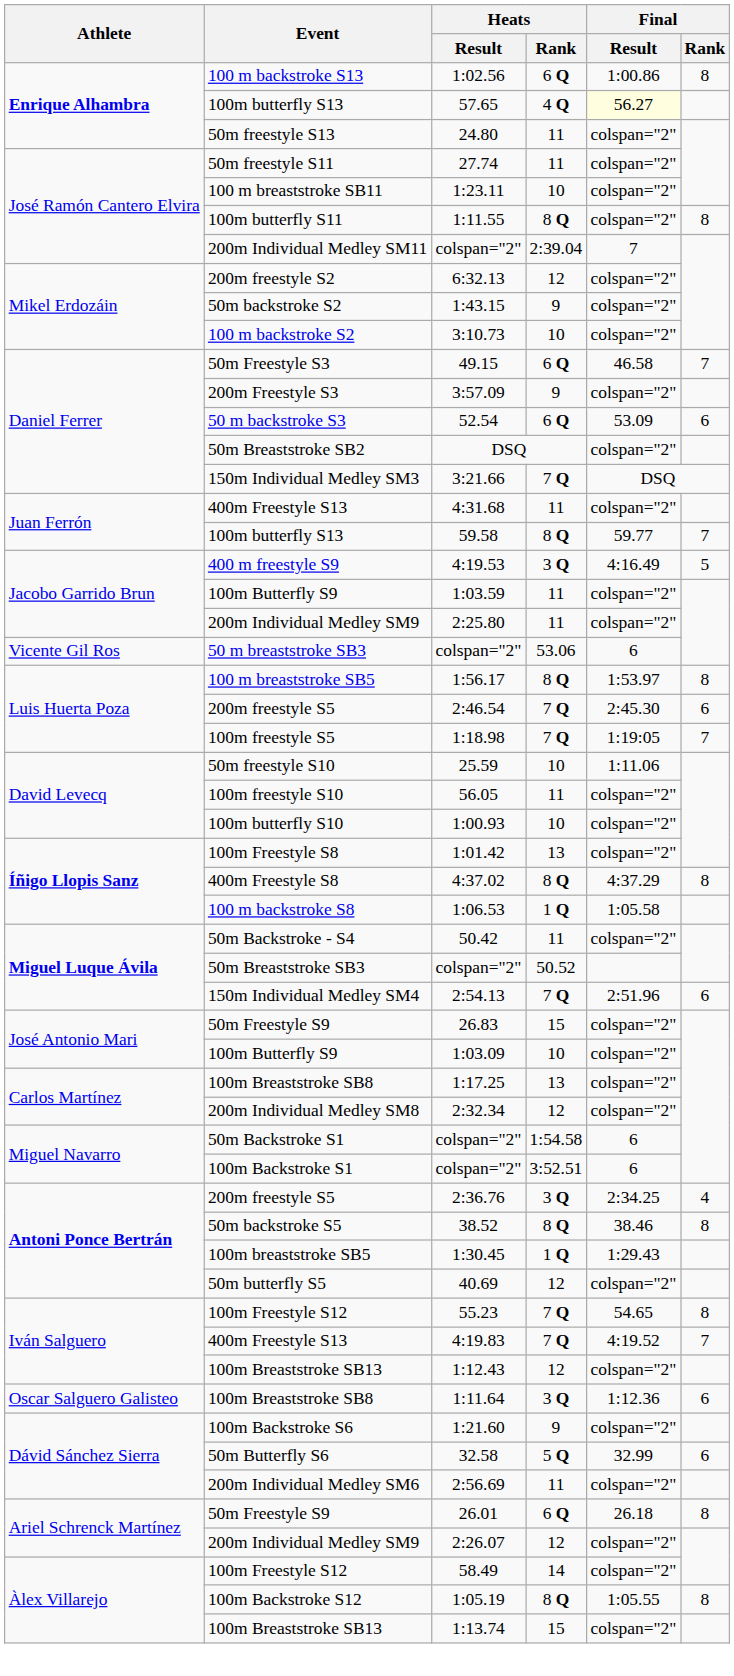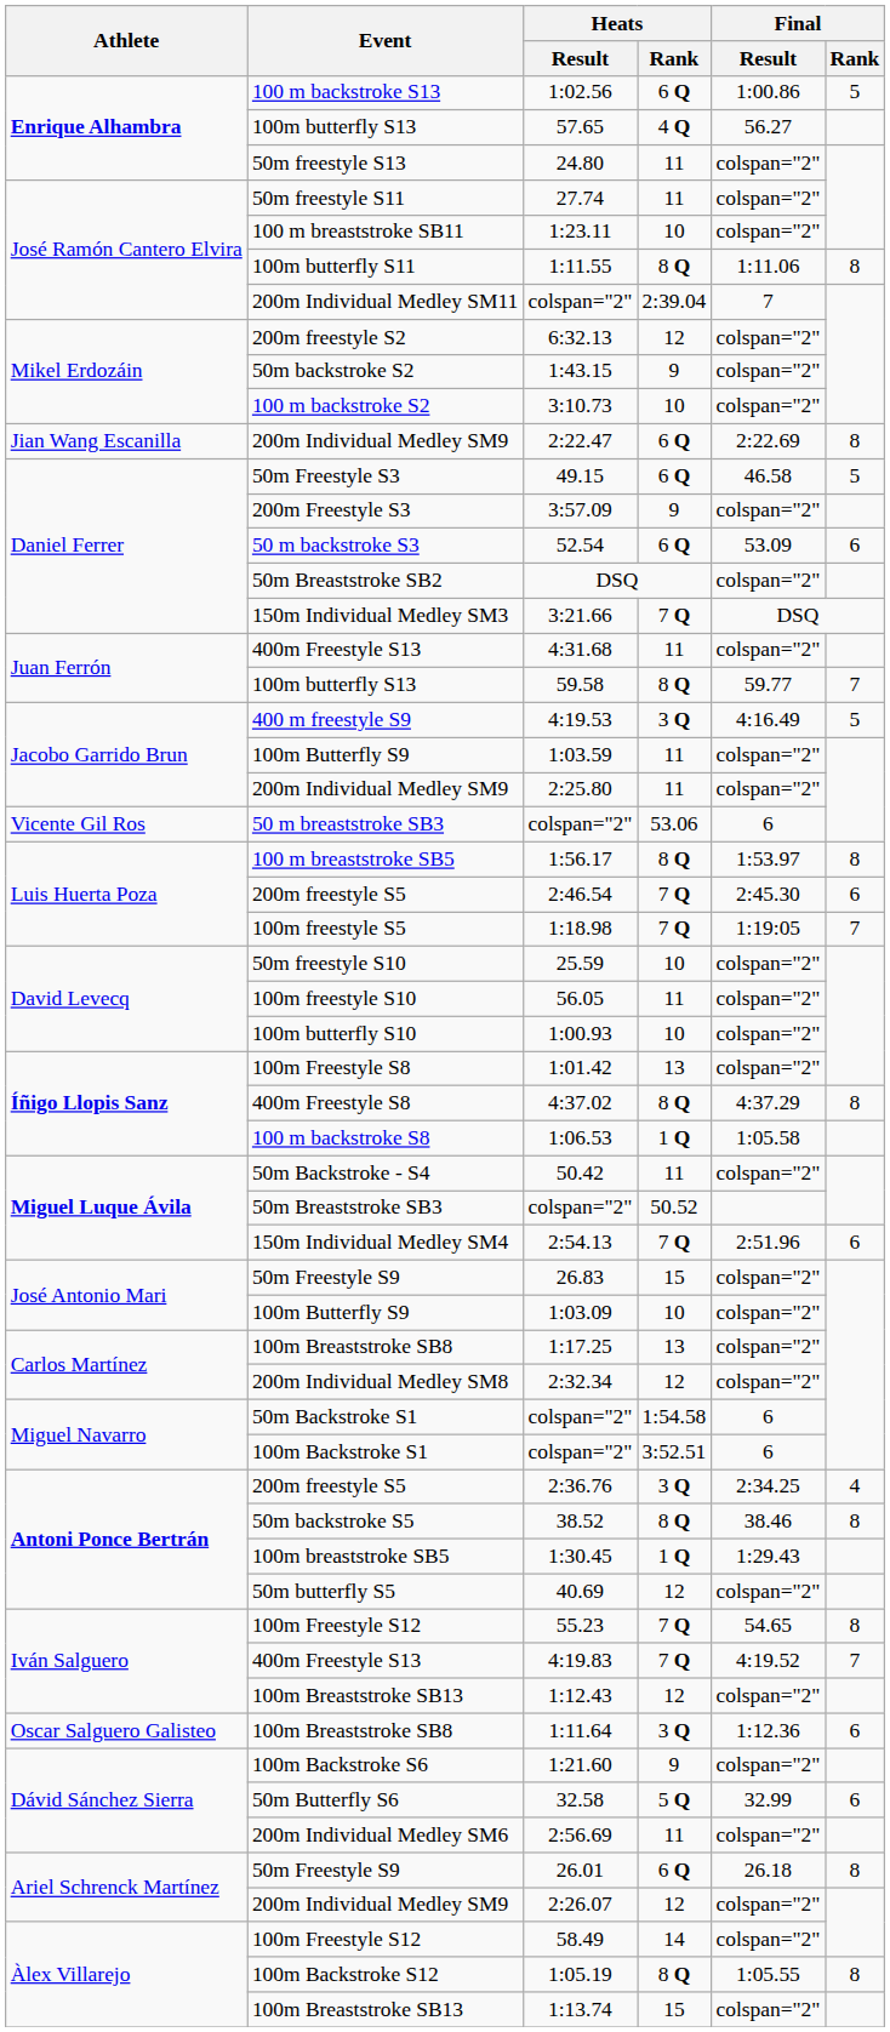 <table class=wikitable style="font-size:90%">
 <tr>
 <th rowspan="2">Athlete</th>
 <th rowspan="2">Event</th>
 <th colspan="2">Heats</th>
 <th colspan="2">Final</th>
 </tr>
 <tr>
 <th>Result</th>
 <th>Rank</th>
 <th>Result</th>
 <th>Rank</th>
 </tr>
 <tr align=center>
 <td rowspan="3" align="left"><strong><a href='#'>Enrique Alhambra</a></strong></td>
 <td align=left><a href='#'>100 m backstroke S13</a></td>
 <td>1:02.56</td>
 <td>6 <strong>Q</strong></td>
 <td>1:00.86</td>
-<td>8</td>
+<td>5</td>
 </tr>
 <tr align="center">
 <td align="left">100m butterfly S13</td>
 <td>57.65</td>
 <td>4 <strong>Q</strong></td>
-<td style="background: lightyellow;">56.27</td>
+<td>56.27</td>
 <td></td>
 </tr>
 <tr align="center">
 <td align="left">50m freestyle S13</td>
 <td>24.80</td>
 <td>11</td>
 <td>colspan="2" </td>
 </tr>
 <tr align="center">
 <td rowspan="4" align="left"><a href='#'>José Ramón Cantero Elvira</a></td>
 <td align="left">50m freestyle S11</td>
 <td>27.74</td>
 <td>11</td>
 <td>colspan="2" </td>
 </tr>
 <tr align="center">
 <td align="left">100 m breaststroke SB11</td>
 <td>1:23.11</td>
 <td>10</td>
 <td>colspan="2" </td>
 </tr>
 <tr align="center">
 <td align="left">100m butterfly S11</td>
 <td>1:11.55</td>
 <td>8 <strong>Q</strong></td>
-<td>colspan="2" </td>
+<td>1:11.06</td>
 <td>8</td>
 </tr>
 <tr align="center">
 <td align="left">200m Individual Medley SM11</td>
 <td>colspan="2" </td>
 <td>2:39.04</td>
 <td>7</td>
 </tr>
 <tr align="center">
 <td rowspan="3" align="left"><a href='#'>Mikel Erdozáin</a></td>
 <td align="left">200m freestyle S2</td>
 <td>6:32.13</td>
 <td>12</td>
 <td>colspan="2" </td>
 </tr>
 <tr align="center">
 <td align="left">50m backstroke S2</td>
 <td>1:43.15</td>
 <td>9</td>
 <td>colspan="2" </td>
 </tr>
 <tr align="center">
 <td align="left"><a href='#'>100 m backstroke S2</a></td>
 <td>3:10.73</td>
 <td>10</td>
 <td>colspan="2" </td>
 </tr>
 <tr align="center">
+<td align="left"><a href='#'>Jian Wang Escanilla</a></td>
+<td align="left">200m Individual Medley SM9</td>
+<td>2:22.47</td>
+<td>6 <strong>Q</strong></td>
+<td>2:22.69</td>
+<td>8</td>
+</tr>
+<tr align="center">
 <td rowspan="5" align="left"><a href='#'>Daniel Ferrer</a></td>
 <td align="left">50m Freestyle S3</td>
 <td>49.15</td>
 <td>6 <strong>Q</strong></td>
 <td>46.58</td>
-<td>7</td>
+<td>5</td>
 </tr>
 <tr align="center">
 <td align="left">200m Freestyle S3</td>
 <td>3:57.09</td>
 <td>9</td>
 <td>colspan="2" </td>
 </tr>
 <tr align="center">
 <td align="left"><a href='#'>50 m backstroke S3</a></td>
 <td>52.54</td>
 <td>6 <strong>Q</strong></td>
 <td>53.09</td>
 <td>6</td>
 </tr>
 <tr align="center">
 <td align="left">50m Breaststroke SB2</td>
 <td colspan="2">DSQ</td>
 <td>colspan="2" </td>
 </tr>
 <tr align="center">
 <td align="left">150m Individual Medley SM3</td>
 <td>3:21.66</td>
 <td>7 <strong>Q</strong></td>
 <td colspan="2">DSQ</td>
 </tr>
 <tr align="center">
 <td rowspan="2" align="left"><a href='#'>Juan Ferrón</a></td>
 <td align="left">400m Freestyle S13</td>
 <td>4:31.68</td>
 <td>11</td>
 <td>colspan="2" </td>
 </tr>
 <tr align="center">
 <td align="left">100m butterfly S13</td>
 <td>59.58</td>
 <td>8 <strong>Q</strong></td>
 <td>59.77</td>
 <td>7</td>
 </tr>
 <tr align="center">
 <td rowspan="3" align="left"><a href='#'>Jacobo Garrido Brun</a></td>
 <td align="left"><a href='#'>400 m freestyle S9</a></td>
 <td>4:19.53</td>
 <td>3 <strong>Q</strong></td>
 <td>4:16.49</td>
 <td>5</td>
 </tr>
 <tr align="center">
 <td align="left">100m Butterfly S9</td>
 <td>1:03.59</td>
 <td>11</td>
 <td>colspan="2" </td>
 </tr>
 <tr align="center">
 <td align="left">200m Individual Medley SM9</td>
 <td>2:25.80</td>
 <td>11</td>
 <td>colspan="2" </td>
 </tr>
 <tr align=center>
 <td align=left><a href='#'>Vicente Gil Ros</a></td>
 <td align=left><a href='#'>50 m breaststroke SB3</a></td>
 <td>colspan="2" </td>
 <td>53.06</td>
 <td>6</td>
 </tr>
 <tr align=center>
 <td rowspan="3" align="left"><a href='#'>Luis Huerta Poza</a></td>
 <td align="left"><a href='#'>100 m breaststroke SB5</a></td>
 <td>1:56.17</td>
 <td>8 <strong>Q</strong></td>
 <td>1:53.97</td>
 <td>8</td>
 </tr>
 <tr align="center">
 <td align="left">200m freestyle S5</td>
 <td>2:46.54</td>
 <td>7 <strong>Q</strong></td>
 <td>2:45.30</td>
 <td>6</td>
 </tr>
 <tr align="center">
 <td align="left">100m freestyle S5</td>
 <td>1:18.98</td>
 <td>7 <strong>Q</strong></td>
 <td>1:19:05</td>
 <td>7</td>
 </tr>
 <tr align="center">
 <td rowspan="3" align="left"><a href='#'>David Levecq</a></td>
 <td align="left">50m freestyle S10</td>
 <td>25.59</td>
 <td>10</td>
-<td>1:11.06</td>
+<td>colspan="2" </td>
 </tr>
 <tr align="center">
 <td align="left">100m freestyle S10</td>
 <td>56.05</td>
 <td>11</td>
 <td>colspan="2" </td>
 </tr>
 <tr align="center">
 <td align="left">100m butterfly S10</td>
 <td>1:00.93</td>
 <td>10</td>
 <td>colspan="2" </td>
 </tr>
 <tr align="center">
 <td rowspan="3" align="left"><strong><a href='#'>Íñigo Llopis Sanz</a></strong></td>
 <td align="left">100m Freestyle S8</td>
 <td>1:01.42</td>
 <td>13</td>
 <td>colspan="2" </td>
 </tr>
 <tr align="center">
 <td align="left">400m Freestyle S8</td>
 <td>4:37.02</td>
 <td>8 <strong>Q</strong></td>
 <td>4:37.29</td>
 <td>8</td>
 </tr>
 <tr align="center">
 <td align="left"><a href='#'>100 m backstroke S8</a></td>
 <td>1:06.53</td>
 <td>1 <strong>Q</strong></td>
 <td>1:05.58</td>
 <td></td>
 </tr>
 <tr align="center">
 <td rowspan="3" align="left"><strong><a href='#'>Miguel Luque Ávila</a></strong></td>
 <td align="left">50m Backstroke - S4</td>
 <td>50.42</td>
 <td>11</td>
 <td>colspan="2" </td>
 </tr>
 <tr align="center">
 <td align="left">50m Breaststroke SB3</td>
 <td>colspan="2" </td>
 <td>50.52</td>
 <td></td>
 </tr>
 <tr align="center">
 <td align="left">150m Individual Medley SM4</td>
 <td>2:54.13</td>
 <td>7 <strong>Q</strong></td>
 <td>2:51.96</td>
 <td>6</td>
 </tr>
 <tr align="center">
 <td rowspan="2" align="left"><a href='#'>José Antonio Mari</a></td>
 <td align="left">50m Freestyle S9</td>
 <td>26.83</td>
 <td>15</td>
 <td>colspan="2" </td>
 </tr>
 <tr align="center">
 <td align="left">100m Butterfly S9</td>
 <td>1:03.09</td>
 <td>10</td>
 <td>colspan="2" </td>
 </tr>
 <tr align="center">
 <td rowspan="2" align="left"><a href='#'>Carlos Martínez</a></td>
 <td align="left">100m Breaststroke SB8</td>
 <td>1:17.25</td>
 <td>13</td>
 <td>colspan="2" </td>
 </tr>
 <tr align="center">
 <td align="left">200m Individual Medley SM8</td>
 <td>2:32.34</td>
 <td>12</td>
 <td>colspan="2" </td>
 </tr>
 <tr align="center">
 <td rowspan="2" align="left"><a href='#'>Miguel Navarro</a></td>
 <td align="left">50m Backstroke S1</td>
 <td>colspan="2" </td>
 <td>1:54.58</td>
 <td>6</td>
 </tr>
 <tr align="center">
 <td align="left">100m Backstroke S1</td>
 <td>colspan="2" </td>
 <td>3:52.51</td>
 <td>6</td>
 </tr>
 <tr align="center">
 <td rowspan="4" align="left"><strong><a href='#'>Antoni Ponce Bertrán</a></strong></td>
 <td align="left">200m freestyle S5</td>
 <td>2:36.76</td>
 <td>3 <strong>Q</strong></td>
 <td>2:34.25</td>
 <td>4</td>
 </tr>
 <tr align="center">
 <td align="left">50m backstroke S5</td>
 <td>38.52</td>
 <td>8 <strong>Q</strong></td>
 <td>38.46</td>
 <td>8</td>
 </tr>
 <tr align="center">
 <td align="left">100m breaststroke SB5</td>
 <td>1:30.45</td>
 <td>1 <strong>Q</strong></td>
 <td>1:29.43</td>
 <td></td>
 </tr>
 <tr align="center">
 <td align="left">50m butterfly S5</td>
 <td>40.69</td>
 <td>12</td>
 <td>colspan="2" </td>
 </tr>
 <tr align="center">
 <td rowspan="3" align="left"><a href='#'>Iván Salguero</a></td>
 <td align="left">100m Freestyle S12</td>
 <td>55.23</td>
 <td>7 <strong>Q</strong></td>
 <td>54.65</td>
 <td>8</td>
 </tr>
 <tr align="center">
 <td align="left">400m Freestyle S13</td>
 <td>4:19.83</td>
 <td>7 <strong>Q</strong></td>
 <td>4:19.52</td>
 <td>7</td>
 </tr>
 <tr align="center">
 <td align="left">100m Breaststroke SB13</td>
 <td>1:12.43</td>
 <td>12</td>
 <td>colspan="2" </td>
 </tr>
 <tr align="center">
 <td align="left"><a href='#'>Oscar Salguero Galisteo</a></td>
 <td align="left">100m Breaststroke SB8</td>
 <td>1:11.64</td>
 <td>3 <strong>Q</strong></td>
 <td>1:12.36</td>
 <td>6</td>
 </tr>
 <tr align="center">
 <td rowspan="3" align="left"><a href='#'>Dávid Sánchez Sierra</a></td>
 <td align="left">100m Backstroke S6</td>
 <td>1:21.60</td>
 <td>9</td>
 <td>colspan="2" </td>
 </tr>
 <tr align="center">
 <td align="left">50m Butterfly S6</td>
 <td>32.58</td>
 <td>5 <strong>Q</strong></td>
 <td>32.99</td>
 <td>6</td>
 </tr>
 <tr align="center">
 <td align="left">200m Individual Medley SM6</td>
 <td>2:56.69</td>
 <td>11</td>
 <td>colspan="2" </td>
 </tr>
 <tr align="center">
 <td rowspan="2" align="left"><a href='#'>Ariel Schrenck Martínez</a></td>
 <td align="left">50m Freestyle S9</td>
 <td>26.01</td>
 <td>6 <strong>Q</strong></td>
 <td>26.18</td>
 <td>8</td>
 </tr>
 <tr align="center">
 <td align="left">200m Individual Medley SM9</td>
 <td>2:26.07</td>
 <td>12</td>
 <td>colspan="2" </td>
 </tr>
 <tr align="center">
 <td rowspan="3" align="left"><a href='#'>Àlex Villarejo</a></td>
 <td align="left">100m Freestyle S12</td>
 <td>58.49</td>
 <td>14</td>
 <td>colspan="2" </td>
 </tr>
 <tr align="center">
 <td align="left">100m Backstroke S12</td>
 <td>1:05.19</td>
 <td>8 <strong>Q</strong></td>
 <td>1:05.55</td>
 <td>8</td>
 </tr>
 <tr align="center">
 <td align="left">100m Breaststroke SB13</td>
 <td>1:13.74</td>
 <td>15</td>
 <td>colspan="2" </td>
 </tr>
 </table>
